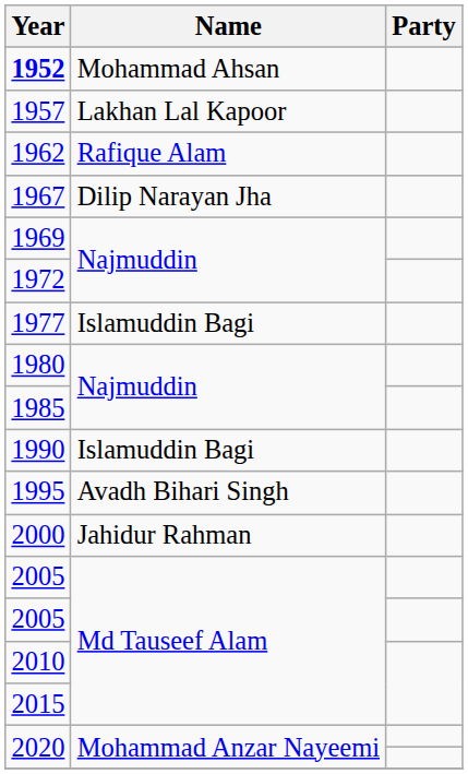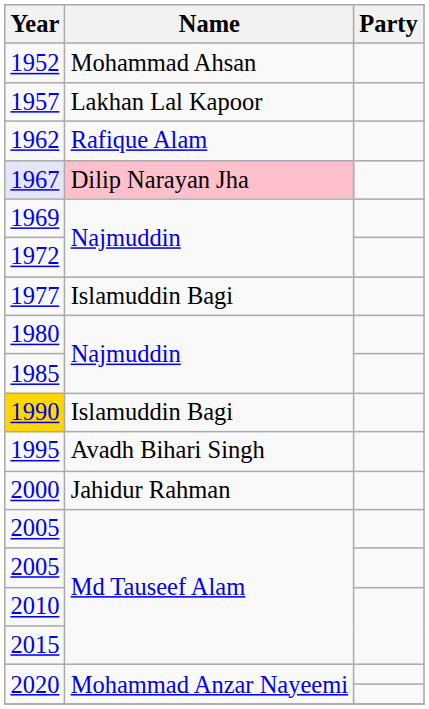 <table class="wikitable sortable">
 <tr>
 <th>Year</th>
 <th>Name</th>
 <th colspan="2">Party</th>
 </tr>
 <tr>
-<td><strong><a href='#'>1952</a></strong></td>
+<td><a href='#'>1952</a></td>
 <td>Mohammad Ahsan</td>
 <td></td>
 </tr>
 <tr>
 <td><a href='#'>1957</a></td>
 <td>Lakhan Lal Kapoor</td>
 <td></td>
 </tr>
 <tr>
 <td><a href='#'>1962</a></td>
 <td><a href='#'>Rafique Alam</a></td>
 <td></td>
 </tr>
 <tr>
-<td><a href='#'>1967</a></td>
-<td>Dilip Narayan Jha</td>
+<td style="background: lavender;"><a href='#'>1967</a></td>
+<td style="background: pink;">Dilip Narayan Jha</td>
 <td></td>
 </tr>
 <tr>
 <td><a href='#'>1969</a></td>
 <td rowspan="2"><a href='#'>Najmuddin</a></td>
 <td></td>
 </tr>
 <tr>
 <td><a href='#'>1972</a></td>
 </tr>
 <tr>
 <td><a href='#'>1977</a></td>
 <td>Islamuddin Bagi</td>
 <td></td>
 </tr>
 <tr>
 <td><a href='#'>1980</a></td>
 <td rowspan="2"><a href='#'>Najmuddin</a></td>
 <td></td>
 </tr>
 <tr>
 <td><a href='#'>1985</a></td>
 <td></td>
 </tr>
 <tr>
-<td><a href='#'>1990</a></td>
+<td style="background: gold;"><a href='#'>1990</a></td>
 <td>Islamuddin Bagi</td>
 <td></td>
 </tr>
 <tr>
 <td><a href='#'>1995</a></td>
 <td>Avadh Bihari Singh</td>
 <td></td>
 </tr>
 <tr>
 <td><a href='#'>2000</a></td>
 <td>Jahidur Rahman</td>
 <td></td>
 </tr>
 <tr>
 <td><a href='#'>2005</a></td>
 <td rowspan="4"><a href='#'>Md Tauseef Alam</a></td>
 <td></td>
 </tr>
 <tr>
 <td><a href='#'>2005</a></td>
 <td></td>
 </tr>
 <tr>
 <td><a href='#'>2010</a></td>
 </tr>
 <tr>
 <td><a href='#'>2015</a></td>
 </tr>
 <tr>
 <td rowspan="2"><a href='#'>2020</a></td>
 <td rowspan="2"><a href='#'>Mohammad Anzar Nayeemi</a></td>
 <td></td>
 </tr>
 <tr>
 <td></td>
 </tr>
 <tr>
 </tr>
 </table>
